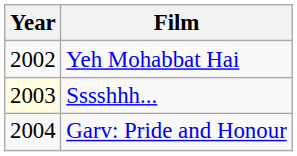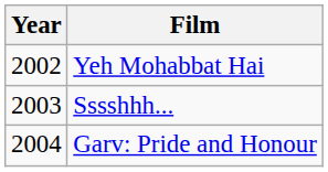 <table class="wikitable">
 <tr>
 <th>Year</th>
 <th>Film</th>
 </tr>
 <tr>
 <td>2002</td>
 <td><a href='#'>Yeh Mohabbat Hai</a></td>
 </tr>
 <tr>
-<td style="background: lightyellow;">2003</td>
+<td>2003</td>
 <td><a href='#'>Sssshhh...</a></td>
 </tr>
 <tr>
 <td>2004</td>
 <td><a href='#'>Garv: Pride and Honour</a></td>
 </tr>
 </table>
